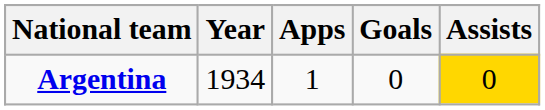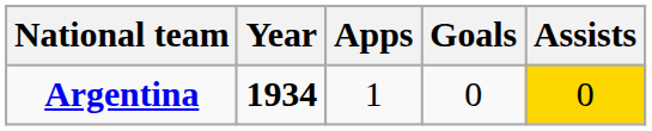 <table class="wikitable" style="font-size:90%; text-align: center;">
 <tr>
 <th>National team</th>
 <th>Year</th>
 <th>Apps</th>
 <th>Goals</th>
 <th>Assists</th>
 </tr>
 <tr>
 <td rowspan=7><strong><a href='#'>Argentina</a></strong></td>
-<td>1934</td>
+<td><strong>1934</strong></td>
 <td>1</td>
 <td>0</td>
 <td style="background: gold;">0</td>
 </tr>
 </table>
